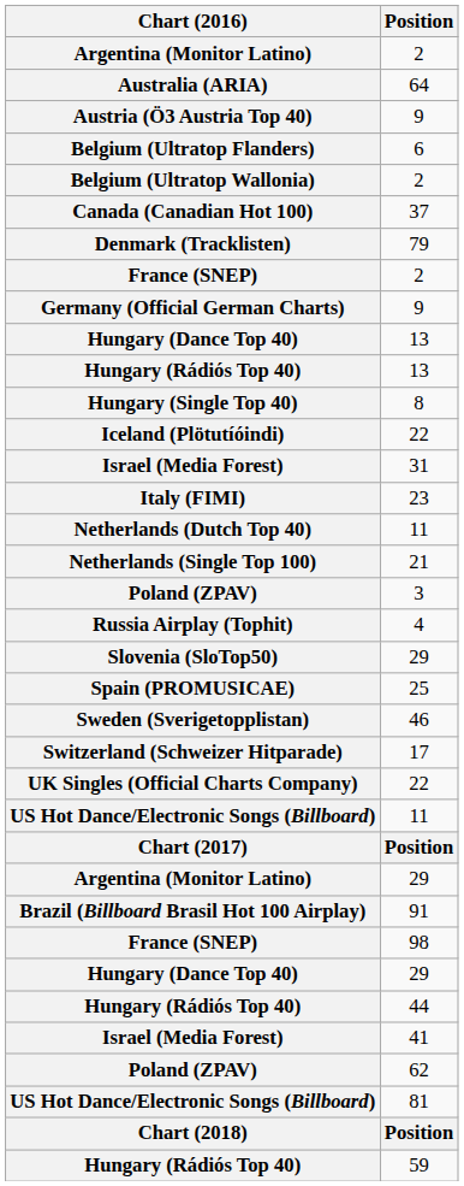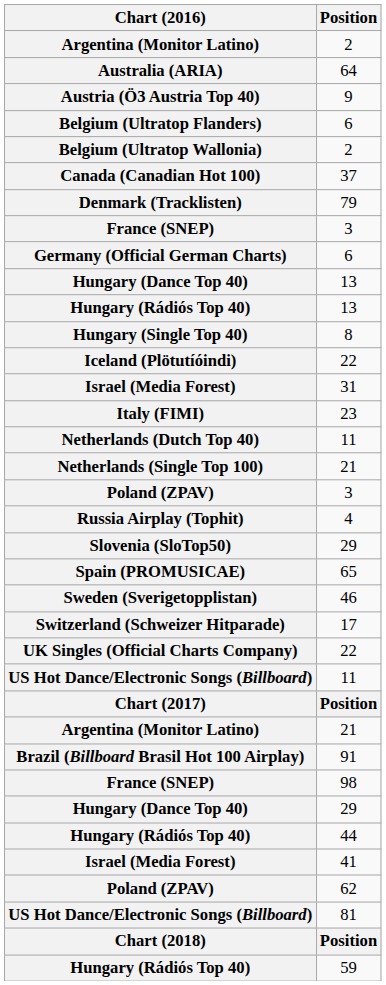 <table class="wikitable sortable plainrowheaders" style="text-align:center">
 <tr>
 <th scope="col">Chart (2016)</th>
 <th scope="col">Position</th>
 </tr>
 <tr>
 <th scope="row">Argentina (Monitor Latino)</th>
 <td>2</td>
 </tr>
 <tr>
 <th scope="row">Australia (ARIA)</th>
 <td>64</td>
 </tr>
 <tr>
 <th scope="row">Austria (Ö3 Austria Top 40)</th>
 <td>9</td>
 </tr>
 <tr>
 <th scope="row">Belgium (Ultratop Flanders)</th>
 <td>6</td>
 </tr>
 <tr>
 <th scope="row">Belgium (Ultratop Wallonia)</th>
 <td>2</td>
 </tr>
 <tr>
 <th scope="row">Canada (Canadian Hot 100)</th>
 <td>37</td>
 </tr>
 <tr>
 <th scope="row">Denmark (Tracklisten)</th>
 <td>79</td>
 </tr>
 <tr>
 <th scope="row">France (SNEP)</th>
-<td>2</td>
+<td>3</td>
 </tr>
 <tr>
 <th scope="row">Germany (Official German Charts)</th>
-<td>9</td>
+<td>6</td>
 </tr>
 <tr>
 <th scope="row">Hungary (Dance Top 40)</th>
 <td>13</td>
 </tr>
 <tr>
 <th scope="row">Hungary (Rádiós Top 40)</th>
 <td>13</td>
 </tr>
 <tr>
 <th scope="row">Hungary (Single Top 40)</th>
 <td>8</td>
 </tr>
 <tr>
 <th scope="row">Iceland (Plötutíóindi)</th>
 <td>22</td>
 </tr>
 <tr>
 <th scope="row">Israel (Media Forest)</th>
 <td>31</td>
 </tr>
 <tr>
 <th scope="row">Italy (FIMI)</th>
 <td>23</td>
 </tr>
 <tr>
 <th scope="row">Netherlands (Dutch Top 40)</th>
 <td>11</td>
 </tr>
 <tr>
 <th scope="row">Netherlands (Single Top 100)</th>
 <td>21</td>
 </tr>
 <tr>
 <th scope="row">Poland (ZPAV)</th>
 <td>3</td>
 </tr>
 <tr>
 <th scope="row">Russia Airplay (Tophit)</th>
 <td>4</td>
 </tr>
 <tr>
 <th scope="row">Slovenia (SloTop50)</th>
 <td>29</td>
 </tr>
 <tr>
 <th scope="row">Spain (PROMUSICAE)</th>
-<td>25</td>
+<td>65</td>
 </tr>
 <tr>
 <th scope="row">Sweden (Sverigetopplistan)</th>
 <td>46</td>
 </tr>
 <tr>
 <th scope="row">Switzerland (Schweizer Hitparade)</th>
 <td>17</td>
 </tr>
 <tr>
 <th scope="row">UK Singles (Official Charts Company)</th>
 <td>22</td>
 </tr>
 <tr>
 <th scope="row">US Hot Dance/Electronic Songs (<em>Billboard</em>)</th>
 <td>11</td>
 </tr>
 <tr>
 <th scope="col">Chart (2017)</th>
 <th scope="col">Position</th>
 </tr>
 <tr>
 <th scope="row">Argentina (Monitor Latino)</th>
-<td>29</td>
+<td>21</td>
 </tr>
 <tr>
 <th scope="row">Brazil (<em>Billboard</em> Brasil Hot 100 Airplay)</th>
 <td>91</td>
 </tr>
 <tr>
 <th scope="row">France (SNEP)</th>
 <td>98</td>
 </tr>
 <tr>
 <th scope="row">Hungary (Dance Top 40)</th>
 <td>29</td>
 </tr>
 <tr>
 <th scope="row">Hungary (Rádiós Top 40)</th>
 <td>44</td>
 </tr>
 <tr>
 <th scope="row">Israel (Media Forest)</th>
 <td>41</td>
 </tr>
 <tr>
 <th scope="row">Poland (ZPAV)</th>
 <td>62</td>
 </tr>
 <tr>
 <th scope="row">US Hot Dance/Electronic Songs (<em>Billboard</em>)</th>
 <td>81</td>
 </tr>
 <tr>
 <th scope="col">Chart (2018)</th>
 <th scope="col">Position</th>
 </tr>
 <tr>
 <th scope="row">Hungary (Rádiós Top 40)</th>
 <td>59</td>
 </tr>
 </table>
